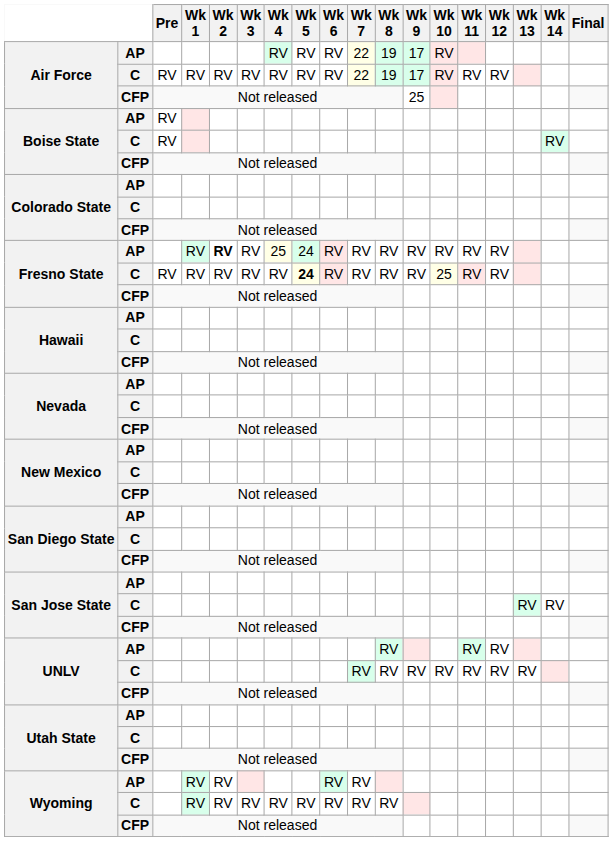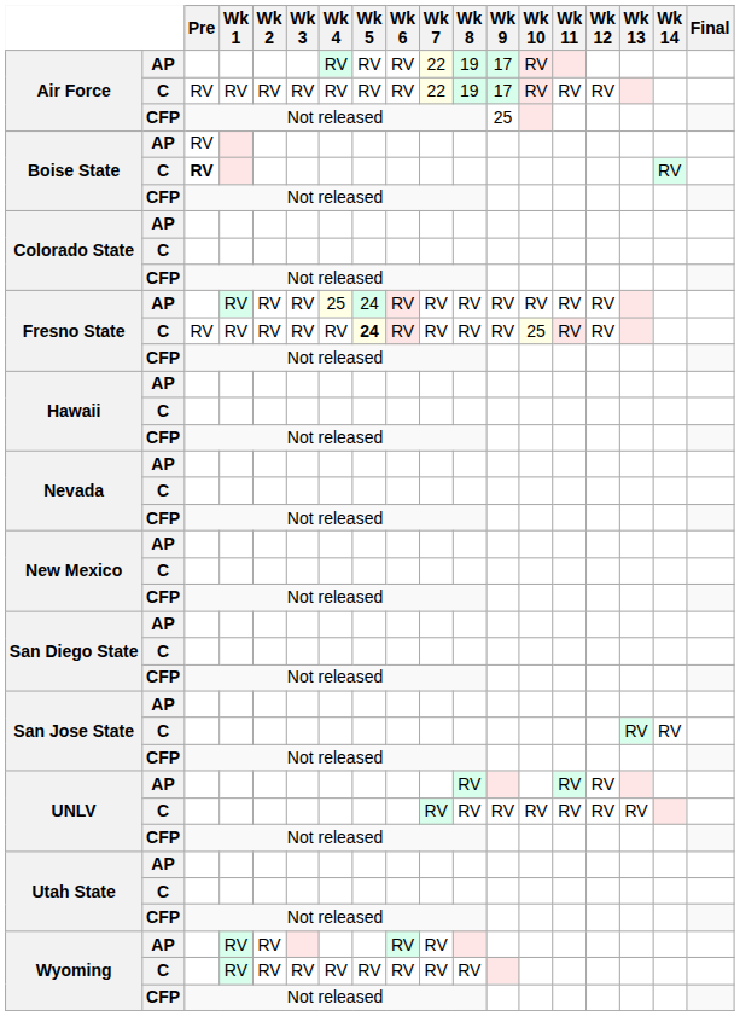 <table class="wikitable" style="white-space:nowrap;font-size:85%;">
 <tr>
 <th colspan=2 style="background:white; border-top-style:hidden; border-left-style:hidden;"> </th>
 <th>Pre</th>
 <th>Wk<br>1</th>
 <th>Wk<br>2</th>
 <th>Wk<br>3</th>
 <th>Wk<br>4</th>
 <th>Wk<br>5</th>
 <th>Wk<br>6</th>
 <th>Wk<br>7</th>
 <th>Wk<br>8</th>
 <th>Wk<br>9</th>
 <th>Wk<br>10</th>
 <th>Wk<br>11</th>
 <th>Wk<br>12</th>
 <th>Wk<br>13</th>
 <th>Wk<br>14</th>
 <th>Final</th>
 </tr>
 <tr style="text-align:center;">
 <th rowspan="3">Air Force</th>
 <th>AP</th>
 <td style="background:#FFF;"></td>
 <td style="background:#FFF;"></td>
 <td style="background:#FFF;"></td>
 <td style="background:#FFF;"></td>
 <td style="background:#d8ffeb;">RV</td>
 <td style="background:#FFF;">RV</td>
 <td style="background:#FFF;">RV</td>
 <td style="background:#ffffe6;">22</td>
 <td style="background:#d8ffeb;">19</td>
 <td style="background:#d8ffeb;">17</td>
 <td style="background:#ffe6e6;">RV</td>
 <td style="background:#ffe6e6;"></td>
 <td style="background:#FFF;"></td>
 <td style="background:#FFF;"></td>
 <td style="background:#FFF;"></td>
 <td style="background:#FFF;"></td>
 </tr>
 <tr style="text-align:center;">
 <th>C</th>
 <td style="background:#FFF;">RV</td>
 <td style="background:#FFF;">RV</td>
 <td style="background:#FFF;">RV</td>
 <td style="background:#FFF;">RV</td>
 <td style="background:#FFF;">RV</td>
 <td style="background:#FFF;">RV</td>
 <td style="background:#FFF;">RV</td>
 <td style="background:#ffffe6;">22</td>
 <td style="background:#d8ffeb;">19</td>
 <td style="background:#d8ffeb;">17</td>
 <td style="background:#ffe6e6;">RV</td>
 <td style="background:#FFF;">RV</td>
 <td style="background:#FFF;">RV</td>
 <td style="background:#ffe6e6;"></td>
 <td style="background:#FFF;"></td>
 <td style="background:#FFF;"></td>
 </tr>
 <tr style="text-align:center;">
 <th>CFP</th>
 <td colspan="9" style="text-align:center;">Not released</td>
 <td style="background:#FFF;">25</td>
 <td style="background:#ffe6e6;"></td>
 <td style="background:#FFF;"></td>
 <td style="background:#FFF;"></td>
 <td style="background:#FFF;"></td>
 <td style="background:#FFF;"></td>
 <td style="text-align:center;"></td>
 </tr>
 <tr style="text-align:center;">
 <th rowspan="3">Boise State</th>
 <th>AP</th>
 <td style="background:#FFF;">RV</td>
 <td style="background:#ffe6e6;"></td>
 <td style="background:#FFF;"></td>
 <td style="background:#FFF;"></td>
 <td style="background:#FFF;"></td>
 <td style="background:#FFF;"></td>
 <td style="background:#FFF;"></td>
 <td style="background:#FFF;"></td>
 <td style="background:#FFF;"></td>
 <td style="background:#FFF;"></td>
 <td style="background:#FFF;"></td>
 <td style="background:#FFF;"></td>
 <td style="background:#FFF;"></td>
 <td style="background:#FFF;"></td>
 <td style="background:#FFF;"></td>
 <td style="background:#FFF;"></td>
 </tr>
 <tr style="text-align:center;">
 <th>C</th>
-<td style="background:#FFF;">RV</td>
+<td style="background:#FFF;"><strong>RV</strong></td>
 <td style="background:#ffe6e6;"></td>
 <td style="background:#FFF;"></td>
 <td style="background:#FFF;"></td>
 <td style="background:#FFF;"></td>
 <td style="background:#FFF;"></td>
 <td style="background:#FFF;"></td>
 <td style="background:#FFF;"></td>
 <td style="background:#FFF;"></td>
 <td style="background:#FFF;"></td>
 <td style="background:#FFF;"></td>
 <td style="background:#FFF;"></td>
 <td style="background:#FFF;"></td>
 <td style="background:#FFF;"></td>
 <td style="background:#d8ffeb;">RV</td>
 <td style="background:#FFF;"></td>
 </tr>
 <tr style="text-align:center;">
 <th>CFP</th>
 <td colspan="9" style="text-align:center;">Not released</td>
 <td style="background:#FFF;"></td>
 <td style="background:#FFF;"></td>
 <td style="background:#FFF;"></td>
 <td style="background:#FFF;"></td>
 <td style="background:#FFF;"></td>
 <td style="background:#FFF;"></td>
 <td style="text-align:center;"></td>
 </tr>
 <tr style="text-align:center;">
 <th rowspan="3">Colorado State</th>
 <th>AP</th>
 <td style="background:#FFF;"></td>
 <td style="background:#FFF;"></td>
 <td style="background:#FFF;"></td>
 <td style="background:#FFF;"></td>
 <td style="background:#FFF;"></td>
 <td style="background:#FFF;"></td>
 <td style="background:#FFF;"></td>
 <td style="background:#FFF;"></td>
 <td style="background:#FFF;"></td>
 <td style="background:#FFF;"></td>
 <td style="background:#FFF;"></td>
 <td style="background:#FFF;"></td>
 <td style="background:#FFF;"></td>
 <td style="background:#FFF;"></td>
 <td style="background:#FFF;"></td>
 <td style="background:#FFF;"></td>
 </tr>
 <tr style="text-align:center;">
 <th>C</th>
 <td style="background:#FFF;"></td>
 <td style="background:#FFF;"></td>
 <td style="background:#FFF;"></td>
 <td style="background:#FFF;"></td>
 <td style="background:#FFF;"></td>
 <td style="background:#FFF;"></td>
 <td style="background:#FFF;"></td>
 <td style="background:#FFF;"></td>
 <td style="background:#FFF;"></td>
 <td style="background:#FFF;"></td>
 <td style="background:#FFF;"></td>
 <td style="background:#FFF;"></td>
 <td style="background:#FFF;"></td>
 <td style="background:#FFF;"></td>
 <td style="background:#FFF;"></td>
 <td style="background:#FFF;"></td>
 </tr>
 <tr style="text-align:center;">
 <th>CFP</th>
 <td colspan="9" style="text-align:center;">Not released</td>
 <td style="background:#FFF;"></td>
 <td style="background:#FFF;"></td>
 <td style="background:#FFF;"></td>
 <td style="background:#FFF;"></td>
 <td style="background:#FFF;"></td>
 <td style="background:#FFF;"></td>
 <td style="text-align:center;"></td>
 </tr>
 <tr style="text-align:center;">
 <th rowspan="3">Fresno State</th>
 <th>AP</th>
 <td style="background:#FFF;"></td>
 <td style="background:#d8ffeb;">RV</td>
-<td style="background:#FFF;"><strong>RV</strong></td>
+<td style="background:#FFF;">RV</td>
 <td style="background:#FFF;">RV</td>
 <td style="background:#ffffe6;">25</td>
 <td style="background:#d8ffeb;">24</td>
 <td style="background:#ffe6e6;">RV</td>
 <td style="background:#FFF;">RV</td>
 <td style="background:#FFF;">RV</td>
 <td style="background:#FFF;">RV</td>
 <td style="background:#FFF;">RV</td>
 <td style="background:#FFF;">RV</td>
 <td style="background:#FFF;">RV</td>
 <td style="background:#ffe6e6;"></td>
 <td style="background:#FFF;"></td>
 <td style="background:#FFF;"></td>
 </tr>
 <tr style="text-align:center;">
 <th>C</th>
 <td style="background:#FFF;">RV</td>
 <td style="background:#FFF;">RV</td>
 <td style="background:#FFF;">RV</td>
 <td style="background:#FFF;">RV</td>
 <td style="background:#FFF;">RV</td>
 <td style="background:#ffffe6;"><strong>24</strong></td>
 <td style="background:#ffe6e6;">RV</td>
 <td style="background:#FFF;">RV</td>
 <td style="background:#FFF;">RV</td>
 <td style="background:#FFF;">RV</td>
 <td style="background:#ffffe6;">25</td>
 <td style="background:#ffe6e6;">RV</td>
 <td style="background:#FFF;">RV</td>
 <td style="background:#ffe6e6;"></td>
 <td style="background:#FFF;"></td>
 <td style="background:#FFF;"></td>
 </tr>
 <tr style="text-align:center;">
 <th>CFP</th>
 <td colspan="9" style="text-align:center;">Not released</td>
 <td style="background:#FFF;"></td>
 <td style="background:#FFF;"></td>
 <td style="background:#FFF;"></td>
 <td style="background:#FFF;"></td>
 <td style="background:#FFF;"></td>
 <td style="background:#FFF;"></td>
 <td style="text-align:center;"></td>
 </tr>
 <tr style="text-align:center;">
 <th rowspan="3">Hawaii</th>
 <th>AP</th>
 <td style="background:#FFF;"></td>
 <td style="background:#FFF;"></td>
 <td style="background:#FFF;"></td>
 <td style="background:#FFF;"></td>
 <td style="background:#FFF;"></td>
 <td style="background:#FFF;"></td>
 <td style="background:#FFF;"></td>
 <td style="background:#FFF;"></td>
 <td style="background:#FFF;"></td>
 <td style="background:#FFF;"></td>
 <td style="background:#FFF;"></td>
 <td style="background:#FFF;"></td>
 <td style="background:#FFF;"></td>
 <td style="background:#FFF;"></td>
 <td style="background:#FFF;"></td>
 <td style="background:#FFF;"></td>
 </tr>
 <tr style="text-align:center;">
 <th>C</th>
 <td style="background:#FFF;"></td>
 <td style="background:#FFF;"></td>
 <td style="background:#FFF;"></td>
 <td style="background:#FFF;"></td>
 <td style="background:#FFF;"></td>
 <td style="background:#FFF;"></td>
 <td style="background:#FFF;"></td>
 <td style="background:#FFF;"></td>
 <td style="background:#FFF;"></td>
 <td style="background:#FFF;"></td>
 <td style="background:#FFF;"></td>
 <td style="background:#FFF;"></td>
 <td style="background:#FFF;"></td>
 <td style="background:#FFF;"></td>
 <td style="background:#FFF;"></td>
 <td style="background:#FFF;"></td>
 </tr>
 <tr style="text-align:center;">
 <th>CFP</th>
 <td colspan="9" style="text-align:center;">Not released</td>
 <td style="background:#FFF;"></td>
 <td style="background:#FFF;"></td>
 <td style="background:#FFF;"></td>
 <td style="background:#FFF;"></td>
 <td style="background:#FFF;"></td>
 <td style="background:#FFF;"></td>
 <td style="text-align:center;"></td>
 </tr>
 <tr style="text-align:center;">
 <th rowspan="3">Nevada</th>
 <th>AP</th>
 <td style="background:#FFF;"></td>
 <td style="background:#FFF;"></td>
 <td style="background:#FFF;"></td>
 <td style="background:#FFF;"></td>
 <td style="background:#FFF;"></td>
 <td style="background:#FFF;"></td>
 <td style="background:#FFF;"></td>
 <td style="background:#FFF;"></td>
 <td style="background:#FFF;"></td>
 <td style="background:#FFF;"></td>
 <td style="background:#FFF;"></td>
 <td style="background:#FFF;"></td>
 <td style="background:#FFF;"></td>
 <td style="background:#FFF;"></td>
 <td style="background:#FFF;"></td>
 <td style="background:#FFF;"></td>
 </tr>
 <tr style="text-align:center;">
 <th>C</th>
 <td style="background:#FFF;"></td>
 <td style="background:#FFF;"></td>
 <td style="background:#FFF;"></td>
 <td style="background:#FFF;"></td>
 <td style="background:#FFF;"></td>
 <td style="background:#FFF;"></td>
 <td style="background:#FFF;"></td>
 <td style="background:#FFF;"></td>
 <td style="background:#FFF;"></td>
 <td style="background:#FFF;"></td>
 <td style="background:#FFF;"></td>
 <td style="background:#FFF;"></td>
 <td style="background:#FFF;"></td>
 <td style="background:#FFF;"></td>
 <td style="background:#FFF;"></td>
 <td style="background:#FFF;"></td>
 </tr>
 <tr style="text-align:center;">
 <th>CFP</th>
 <td colspan="9" style="text-align:center;">Not released</td>
 <td style="background:#FFF;"></td>
 <td style="background:#FFF;"></td>
 <td style="background:#FFF;"></td>
 <td style="background:#FFF;"></td>
 <td style="background:#FFF;"></td>
 <td style="background:#FFF;"></td>
 <td style="text-align:center;"></td>
 </tr>
 <tr style="text-align:center;">
 <th rowspan="3">New Mexico</th>
 <th>AP</th>
 <td style="background:#FFF;"></td>
 <td style="background:#FFF;"></td>
 <td style="background:#FFF;"></td>
 <td style="background:#FFF;"></td>
 <td style="background:#FFF;"></td>
 <td style="background:#FFF;"></td>
 <td style="background:#FFF;"></td>
 <td style="background:#FFF;"></td>
 <td style="background:#FFF;"></td>
 <td style="background:#FFF;"></td>
 <td style="background:#FFF;"></td>
 <td style="background:#FFF;"></td>
 <td style="background:#FFF;"></td>
 <td style="background:#FFF;"></td>
 <td style="background:#FFF;"></td>
 <td style="background:#FFF;"></td>
 </tr>
 <tr style="text-align:center;">
 <th>C</th>
 <td style="background:#FFF;"></td>
 <td style="background:#FFF;"></td>
 <td style="background:#FFF;"></td>
 <td style="background:#FFF;"></td>
 <td style="background:#FFF;"></td>
 <td style="background:#FFF;"></td>
 <td style="background:#FFF;"></td>
 <td style="background:#FFF;"></td>
 <td style="background:#FFF;"></td>
 <td style="background:#FFF;"></td>
 <td style="background:#FFF;"></td>
 <td style="background:#FFF;"></td>
 <td style="background:#FFF;"></td>
 <td style="background:#FFF;"></td>
 <td style="background:#FFF;"></td>
 <td style="background:#FFF;"></td>
 </tr>
 <tr style="text-align:center;">
 <th>CFP</th>
 <td colspan="9" style="text-align:center;">Not released</td>
 <td style="background:#FFF;"></td>
 <td style="background:#FFF;"></td>
 <td style="background:#FFF;"></td>
 <td style="background:#FFF;"></td>
 <td style="background:#FFF;"></td>
 <td style="background:#FFF;"></td>
 <td style="text-align:center;"></td>
 </tr>
 <tr style="text-align:center;">
 <th rowspan="3">San Diego State</th>
 <th>AP</th>
 <td style="background:#FFF;"></td>
 <td style="background:#FFF;"></td>
 <td style="background:#FFF;"></td>
 <td style="background:#FFF;"></td>
 <td style="background:#FFF;"></td>
 <td style="background:#FFF;"></td>
 <td style="background:#FFF;"></td>
 <td style="background:#FFF;"></td>
 <td style="background:#FFF;"></td>
 <td style="background:#FFF;"></td>
 <td style="background:#FFF;"></td>
 <td style="background:#FFF;"></td>
 <td style="background:#FFF;"></td>
 <td style="background:#FFF;"></td>
 <td style="background:#FFF;"></td>
 <td style="background:#FFF;"></td>
 </tr>
 <tr style="text-align:center;">
 <th>C</th>
 <td style="background:#FFF;"></td>
 <td style="background:#FFF;"></td>
 <td style="background:#FFF;"></td>
 <td style="background:#FFF;"></td>
 <td style="background:#FFF;"></td>
 <td style="background:#FFF;"></td>
 <td style="background:#FFF;"></td>
 <td style="background:#FFF;"></td>
 <td style="background:#FFF;"></td>
 <td style="background:#FFF;"></td>
 <td style="background:#FFF;"></td>
 <td style="background:#FFF;"></td>
 <td style="background:#FFF;"></td>
 <td style="background:#FFF;"></td>
 <td style="background:#FFF;"></td>
 <td style="background:#FFF;"></td>
 </tr>
 <tr style="text-align:center;">
 <th>CFP</th>
 <td colspan="9" style="text-align:center;">Not released</td>
 <td style="background:#FFF;"></td>
 <td style="background:#FFF;"></td>
 <td style="background:#FFF;"></td>
 <td style="background:#FFF;"></td>
 <td style="background:#FFF;"></td>
 <td style="background:#FFF;"></td>
 <td style="text-align:center;"></td>
 </tr>
 <tr style="text-align:center;">
 <th rowspan="3">San Jose State</th>
 <th>AP</th>
 <td style="background:#FFF;"></td>
 <td style="background:#FFF;"></td>
 <td style="background:#FFF;"></td>
 <td style="background:#FFF;"></td>
 <td style="background:#FFF;"></td>
 <td style="background:#FFF;"></td>
 <td style="background:#FFF;"></td>
 <td style="background:#FFF;"></td>
 <td style="background:#FFF;"></td>
 <td style="background:#FFF;"></td>
 <td style="background:#FFF;"></td>
 <td style="background:#FFF;"></td>
 <td style="background:#FFF;"></td>
 <td style="background:#FFF;"></td>
 <td style="background:#FFF;"></td>
 <td style="background:#FFF;"></td>
 </tr>
 <tr style="text-align:center;">
 <th>C</th>
 <td style="background:#FFF;"></td>
 <td style="background:#FFF;"></td>
 <td style="background:#FFF;"></td>
 <td style="background:#FFF;"></td>
 <td style="background:#FFF;"></td>
 <td style="background:#FFF;"></td>
 <td style="background:#FFF;"></td>
 <td style="background:#FFF;"></td>
 <td style="background:#FFF;"></td>
 <td style="background:#FFF;"></td>
 <td style="background:#FFF;"></td>
 <td style="background:#FFF;"></td>
 <td style="background:#FFF;"></td>
 <td style="background:#d8ffeb;">RV</td>
 <td style="background:#FFF;">RV</td>
 <td style="background:#FFF;"></td>
 </tr>
 <tr style="text-align:center;">
 <th>CFP</th>
 <td colspan="9" style="text-align:center;">Not released</td>
 <td style="background:#FFF;"></td>
 <td style="background:#FFF;"></td>
 <td style="background:#FFF;"></td>
 <td style="background:#FFF;"></td>
 <td style="background:#FFF;"></td>
 <td style="background:#FFF;"></td>
 <td style="text-align:center;"></td>
 </tr>
 <tr style="text-align:center;">
 <th rowspan="3">UNLV</th>
 <th>AP</th>
 <td style="background:#FFF;"></td>
 <td style="background:#FFF;"></td>
 <td style="background:#FFF;"></td>
 <td style="background:#FFF;"></td>
 <td style="background:#FFF;"></td>
 <td style="background:#FFF;"></td>
 <td style="background:#FFF;"></td>
 <td style="background:#FFF;"></td>
 <td style="background:#d8ffeb;">RV</td>
 <td style="background:#ffe6e6;"></td>
 <td style="background:#FFF;"></td>
 <td style="background:#d8ffeb;">RV</td>
 <td style="background:#FFF;">RV</td>
 <td style="background:#ffe6e6;"></td>
 <td style="background:#FFF;"></td>
 <td style="background:#FFF;"></td>
 </tr>
 <tr style="text-align:center;">
 <th>C</th>
 <td style="background:#FFF;"></td>
 <td style="background:#FFF;"></td>
 <td style="background:#FFF;"></td>
 <td style="background:#FFF;"></td>
 <td style="background:#FFF;"></td>
 <td style="background:#FFF;"></td>
 <td style="background:#FFF;"></td>
 <td style="background:#d8ffeb;">RV</td>
 <td style="background:#FFF;">RV</td>
 <td style="background:#FFF;">RV</td>
 <td style="background:#FFF;">RV</td>
 <td style="background:#FFF;">RV</td>
 <td style="background:#FFF;">RV</td>
 <td style="background:#FFF;">RV</td>
 <td style="background:#ffe6e6;"></td>
 <td style="background:#FFF;"></td>
 </tr>
 <tr style="text-align:center;">
 <th>CFP</th>
 <td colspan="9" style="text-align:center;">Not released</td>
 <td style="background:#FFF;"></td>
 <td style="background:#FFF;"></td>
 <td style="background:#FFF;"></td>
 <td style="background:#FFF;"></td>
 <td style="background:#FFF;"></td>
 <td style="background:#FFF;"></td>
 <td style="text-align:center;"></td>
 </tr>
 <tr style="text-align:center;">
 <th rowspan="3">Utah State</th>
 <th>AP</th>
 <td style="background:#FFF;"></td>
 <td style="background:#FFF;"></td>
 <td style="background:#FFF;"></td>
 <td style="background:#FFF;"></td>
 <td style="background:#FFF;"></td>
 <td style="background:#FFF;"></td>
 <td style="background:#FFF;"></td>
 <td style="background:#FFF;"></td>
 <td style="background:#FFF;"></td>
 <td style="background:#FFF;"></td>
 <td style="background:#FFF;"></td>
 <td style="background:#FFF;"></td>
 <td style="background:#FFF;"></td>
 <td style="background:#FFF;"></td>
 <td style="background:#FFF;"></td>
 <td style="background:#FFF;"></td>
 </tr>
 <tr style="text-align:center;">
 <th>C</th>
 <td style="background:#FFF;"></td>
 <td style="background:#FFF;"></td>
 <td style="background:#FFF;"></td>
 <td style="background:#FFF;"></td>
 <td style="background:#FFF;"></td>
 <td style="background:#FFF;"></td>
 <td style="background:#FFF;"></td>
 <td style="background:#FFF;"></td>
 <td style="background:#FFF;"></td>
 <td style="background:#FFF;"></td>
 <td style="background:#FFF;"></td>
 <td style="background:#FFF;"></td>
 <td style="background:#FFF;"></td>
 <td style="background:#FFF;"></td>
 <td style="background:#FFF;"></td>
 <td style="background:#FFF;"></td>
 </tr>
 <tr style="text-align:center;">
 <th>CFP</th>
 <td colspan="9" style="text-align:center;">Not released</td>
 <td style="background:#FFF;"></td>
 <td style="background:#FFF;"></td>
 <td style="background:#FFF;"></td>
 <td style="background:#FFF;"></td>
 <td style="background:#FFF;"></td>
 <td style="background:#FFF;"></td>
 <td style="text-align:center;"></td>
 </tr>
 <tr style="text-align:center;">
 <th rowspan="3">Wyoming</th>
 <th>AP</th>
 <td style="background:#FFF;"></td>
 <td style="background:#d8ffeb;">RV</td>
 <td style="background:#FFF;">RV</td>
 <td style="background:#ffe6e6;"></td>
 <td style="background:#FFF;"></td>
 <td style="background:#FFF;"></td>
 <td style="background:#d8ffeb;">RV</td>
 <td style="background:#FFF;">RV</td>
 <td style="background:#ffe6e6;"></td>
 <td style="background:#FFF;"></td>
 <td style="background:#FFF;"></td>
 <td style="background:#FFF;"></td>
 <td style="background:#FFF;"></td>
 <td style="background:#FFF;"></td>
 <td style="background:#FFF;"></td>
 <td style="background:#FFF;"></td>
 </tr>
 <tr style="text-align:center;">
 <th>C</th>
 <td style="background:#FFF;"></td>
 <td style="background:#d8ffeb;">RV</td>
 <td style="background:#FFF;">RV</td>
 <td style="background:#FFF;">RV</td>
 <td style="background:#FFF;">RV</td>
 <td style="background:#FFF;">RV</td>
 <td style="background:#FFF;">RV</td>
 <td style="background:#FFF;">RV</td>
 <td style="background:#FFF;">RV</td>
 <td style="background:#ffe6e6;"></td>
 <td style="background:#FFF;"></td>
 <td style="background:#FFF;"></td>
 <td style="background:#FFF;"></td>
 <td style="background:#FFF;"></td>
 <td style="background:#FFF;"></td>
 <td style="background:#FFF;"></td>
 </tr>
 <tr style="text-align:center;">
 <th>CFP</th>
 <td colspan="9" style="text-align:center;">Not released</td>
 <td style="background:#FFF;"></td>
 <td style="background:#FFF;"></td>
 <td style="background:#FFF;"></td>
 <td style="background:#FFF;"></td>
 <td style="background:#FFF;"></td>
 <td style="background:#FFF;"></td>
 <td style="text-align:center;"></td>
 </tr>
 <tr style="text-align:center;">
 </tr>
 </table>
